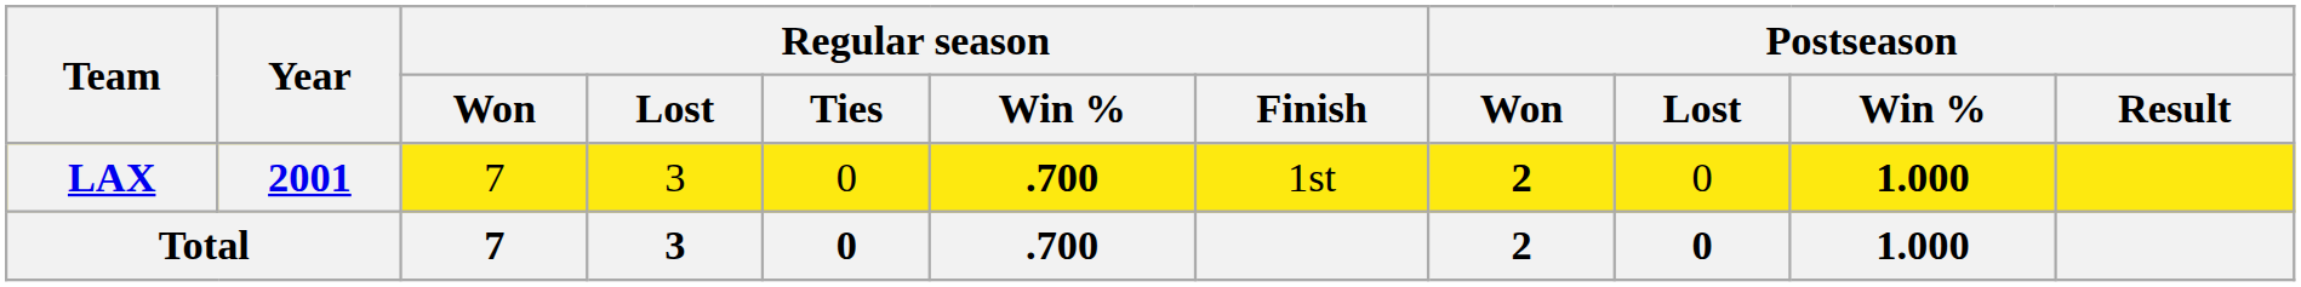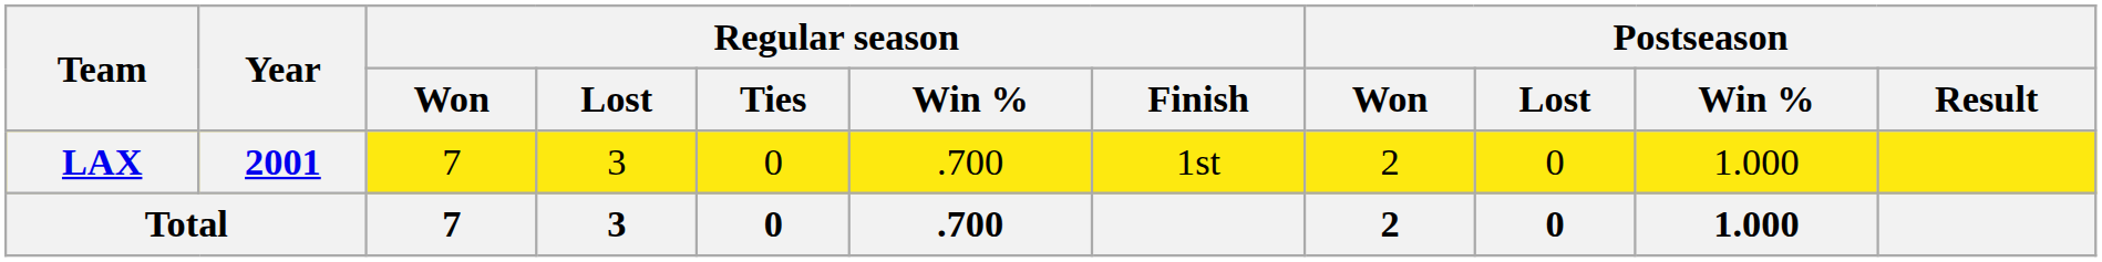 <table class="wikitable" style="font-size: 95%; text-align:center; width:55em">
 <tr>
 <th rowspan="2">Team</th>
 <th rowspan="2">Year</th>
 <th colspan="5">Regular season</th>
 <th colspan="4">Postseason</th>
 </tr>
 <tr>
 <th>Won</th>
 <th>Lost</th>
 <th>Ties</th>
 <th>Win %</th>
 <th>Finish</th>
 <th>Won</th>
 <th>Lost</th>
 <th>Win %</th>
 <th>Result</th>
 </tr>
 <tr style="background:#FDE910">
 <th><a href='#'>LAX</a></th>
 <th><a href='#'>2001</a></th>
 <td>7</td>
 <td>3</td>
 <td>0</td>
-<td><strong>.700</strong></td>
+<td>.700</td>
 <td>1st </td>
-<td><strong>2</strong></td>
+<td>2</td>
 <td>0</td>
-<td><strong>1.000</strong></td>
+<td>1.000</td>
 <td></td>
 </tr>
 <tr>
 <th colspan="2">Total</th>
 <th>7</th>
 <th>3</th>
 <th>0</th>
 <th>.700</th>
 <th></th>
 <th>2</th>
 <th>0</th>
 <th>1.000</th>
 <th></th>
 </tr>
 </table>
